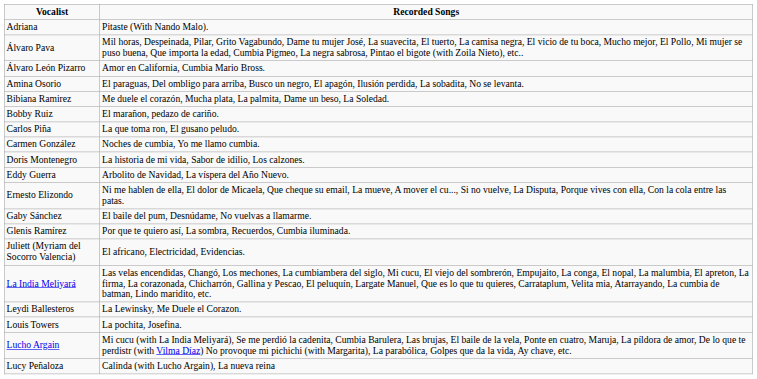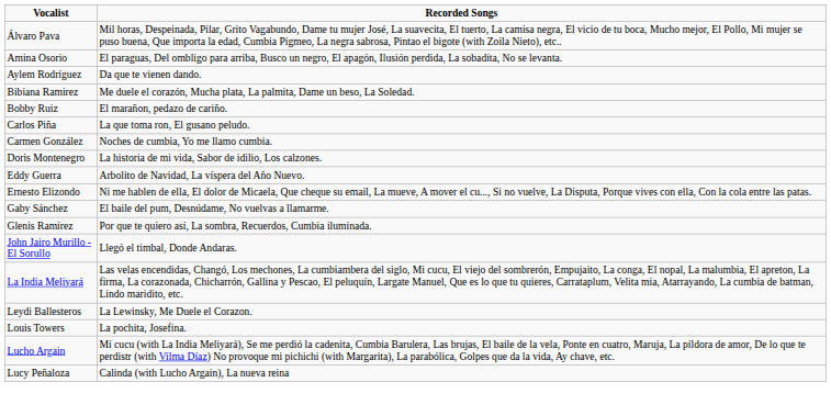 <table class="wikitable">
 <tr style="backnd-color:#CFCFCF; text-align: center; font-weight: Bold">
 <td>Vocalist</td>
 <td>Recorded Songs</td>
 </tr>
 <tr>
-<td>Adriana</td>
-<td>Pitaste (With Nando Malo).</td>
-</tr>
-<tr>
 <td>Álvaro Pava</td>
 <td>Mil horas, Despeinada, Pilar, Grito Vagabundo, Dame tu mujer José, La suavecita, El tuerto, La camisa negra, El vicio de tu boca, Mucho mejor, El Pollo, Mi mujer se puso buena, Que importa la edad, Cumbia Pigmeo, La negra sabrosa, Pintao el bigote (with Zoila Nieto), etc..</td>
 </tr>
 <tr>
-<td>Álvaro León Pizarro</td>
-<td>Amor en California, Cumbia Mario Bross.</td>
+<td>Amina Osorio</td>
+<td>El paraguas, Del ombligo para arriba, Busco un negro, El apagón, Ilusión perdida, La sobadita, No se levanta.</td>
 </tr>
 <tr>
-<td>Amina Osorio</td>
-<td>El paraguas, Del ombligo para arriba, Busco un negro, El apagón, Ilusión perdida, La sobadita, No se levanta.</td>
+<td>Aylem Rodríguez</td>
+<td>Da que te vienen dando.</td>
 </tr>
 <tr>
 <td>Bibiana Ramirez</td>
 <td>Me duele el corazón, Mucha plata, La palmita, Dame un beso, La Soledad.</td>
 </tr>
 <tr>
 <td>Bobby Ruiz</td>
 <td>El marañon, pedazo de cariño.</td>
 </tr>
 <tr>
 <td>Carlos Piña</td>
 <td>La que toma ron, El gusano peludo.</td>
 </tr>
 <tr>
 <td>Carmen González</td>
 <td>Noches de cumbia, Yo me llamo cumbia.</td>
 </tr>
 <tr>
 <td>Doris Montenegro</td>
 <td>La historia de mi vida, Sabor de idilio, Los calzones.</td>
 </tr>
 <tr>
 <td>Eddy Guerra</td>
 <td>Arbolito de Navidad, La víspera del Año Nuevo.</td>
 </tr>
 <tr>
 <td>Ernesto Elizondo</td>
 <td>Ni me hablen de ella, El dolor de Micaela, Que cheque su email, La mueve, A mover el cu..., Si no vuelve, La Disputa, Porque vives con ella, Con la cola entre las patas.</td>
 </tr>
 <tr>
 <td>Gaby Sánchez</td>
 <td>El baile del pum, Desnúdame, No vuelvas a llamarme.</td>
 </tr>
 <tr>
 <td>Glenis Ramírez</td>
 <td>Por que te quiero así, La sombra, Recuerdos, Cumbia iluminada.</td>
 </tr>
 <tr>
-<td>Juliett (Myriam del Socorro Valencia)</td>
-<td>El africano, Electricidad, Evidencias.</td>
+<td><a href='#'>John Jairo Murillo - El Sorullo</a></td>
+<td>Llegó el timbal, Donde Andaras.</td>
 </tr>
 <tr>
 <td><a href='#'>La India Meliyará</a></td>
 <td>Las velas encendidas, Changó, Los mechones, La cumbiambera del siglo, Mi cucu, El viejo del sombrerón, Empujaito, La conga, El nopal, La malumbia, El apreton, La firma, La corazonada, Chicharrón, Gallina y Pescao, El peluquín, Largate Manuel, Que es lo que tu quieres, Carrataplum, Velita mia, Atarrayando, La cumbia de batman, Lindo maridito, etc.</td>
 </tr>
 <tr>
 <td>Leydi Ballesteros</td>
 <td>La Lewinsky, Me Duele el Corazon.</td>
 </tr>
 <tr>
 <td>Louis Towers</td>
 <td>La pochita, Josefina.</td>
 </tr>
 <tr>
 <td><a href='#'>Lucho Argain</a></td>
 <td>Mi cucu (with La India Meliyará), Se me perdió la cadenita, Cumbia Barulera, Las brujas, El baile de la vela, Ponte en cuatro, Maruja, La píldora de amor, De lo que te perdistr (with <a href='#'>Vilma Díaz</a>) No provoque mi pichichi (with Margarita), La parabólica, Golpes que da la vida, Ay chave, etc.</td>
 </tr>
 <tr>
 <td>Lucy Peñaloza</td>
 <td>Calinda (with Lucho Argain), La nueva reina</td>
 </tr>
 </table>
